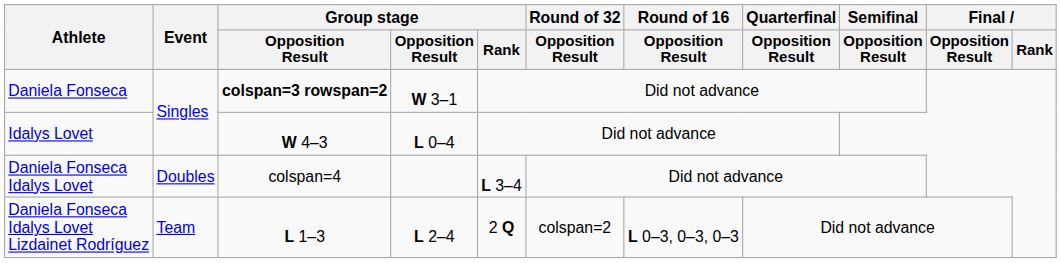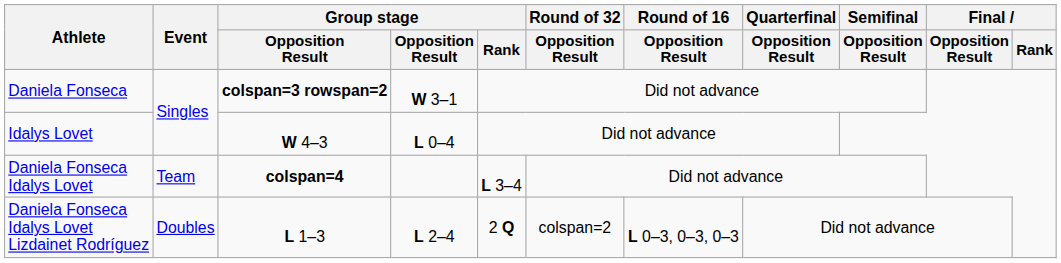 <table class=wikitable style=font-size:90%;text-align:center>
 <tr>
 <th rowspan=2>Athlete</th>
 <th rowspan=2>Event</th>
 <th colspan=3>Group stage</th>
 <th>Round of 32</th>
 <th>Round of 16</th>
 <th>Quarterfinal</th>
 <th>Semifinal</th>
 <th colspan=2>Final / </th>
 </tr>
 <tr style=font-size:95%>
 <th>Opposition<br>Result</th>
 <th>Opposition<br>Result</th>
 <th>Rank</th>
 <th>Opposition<br>Result</th>
 <th>Opposition<br>Result</th>
 <th>Opposition<br>Result</th>
 <th>Opposition<br>Result</th>
 <th>Opposition<br>Result</th>
 <th>Rank</th>
 </tr>
 <tr>
 <td align=left><a href='#'>Daniela Fonseca</a></td>
 <td align=left rowspan=2><a href='#'>Singles</a></td>
 <td><strong>colspan=3 rowspan=2 </strong></td>
 <td><br><strong>W</strong> 3–1</td>
 <td colspan=5>Did not advance</td>
 </tr>
 <tr>
 <td align=left><a href='#'>Idalys Lovet</a></td>
 <td><br><strong>W</strong> 4–3</td>
 <td><br><strong>L</strong> 0–4</td>
 <td colspan=4>Did not advance</td>
 </tr>
 <tr>
 <td align=left><a href='#'>Daniela Fonseca</a><br><a href='#'>Idalys Lovet</a></td>
-<td align=left><a href='#'>Doubles</a></td>
-<td>colspan=4 </td>
+<td align=left><a href='#'>Team</a></td>
+<td><strong>colspan=4 </strong></td>
 <td></td>
 <td><br><strong>L</strong> 3–4</td>
 <td colspan=4>Did not advance</td>
 </tr>
 <tr>
 <td align=left><a href='#'>Daniela Fonseca</a><br><a href='#'>Idalys Lovet</a><br><a href='#'>Lizdainet Rodríguez</a></td>
-<td align=left><a href='#'>Team</a></td>
+<td align=left><a href='#'>Doubles</a></td>
 <td><br><strong>L</strong> 1–3</td>
 <td><br><strong>L</strong> 2–4</td>
 <td>2 <strong>Q</strong></td>
 <td>colspan=2 </td>
 <td><br><strong>L</strong> 0–3, 0–3, 0–3</td>
 <td colspan=3>Did not advance</td>
 </tr>
 </table>
